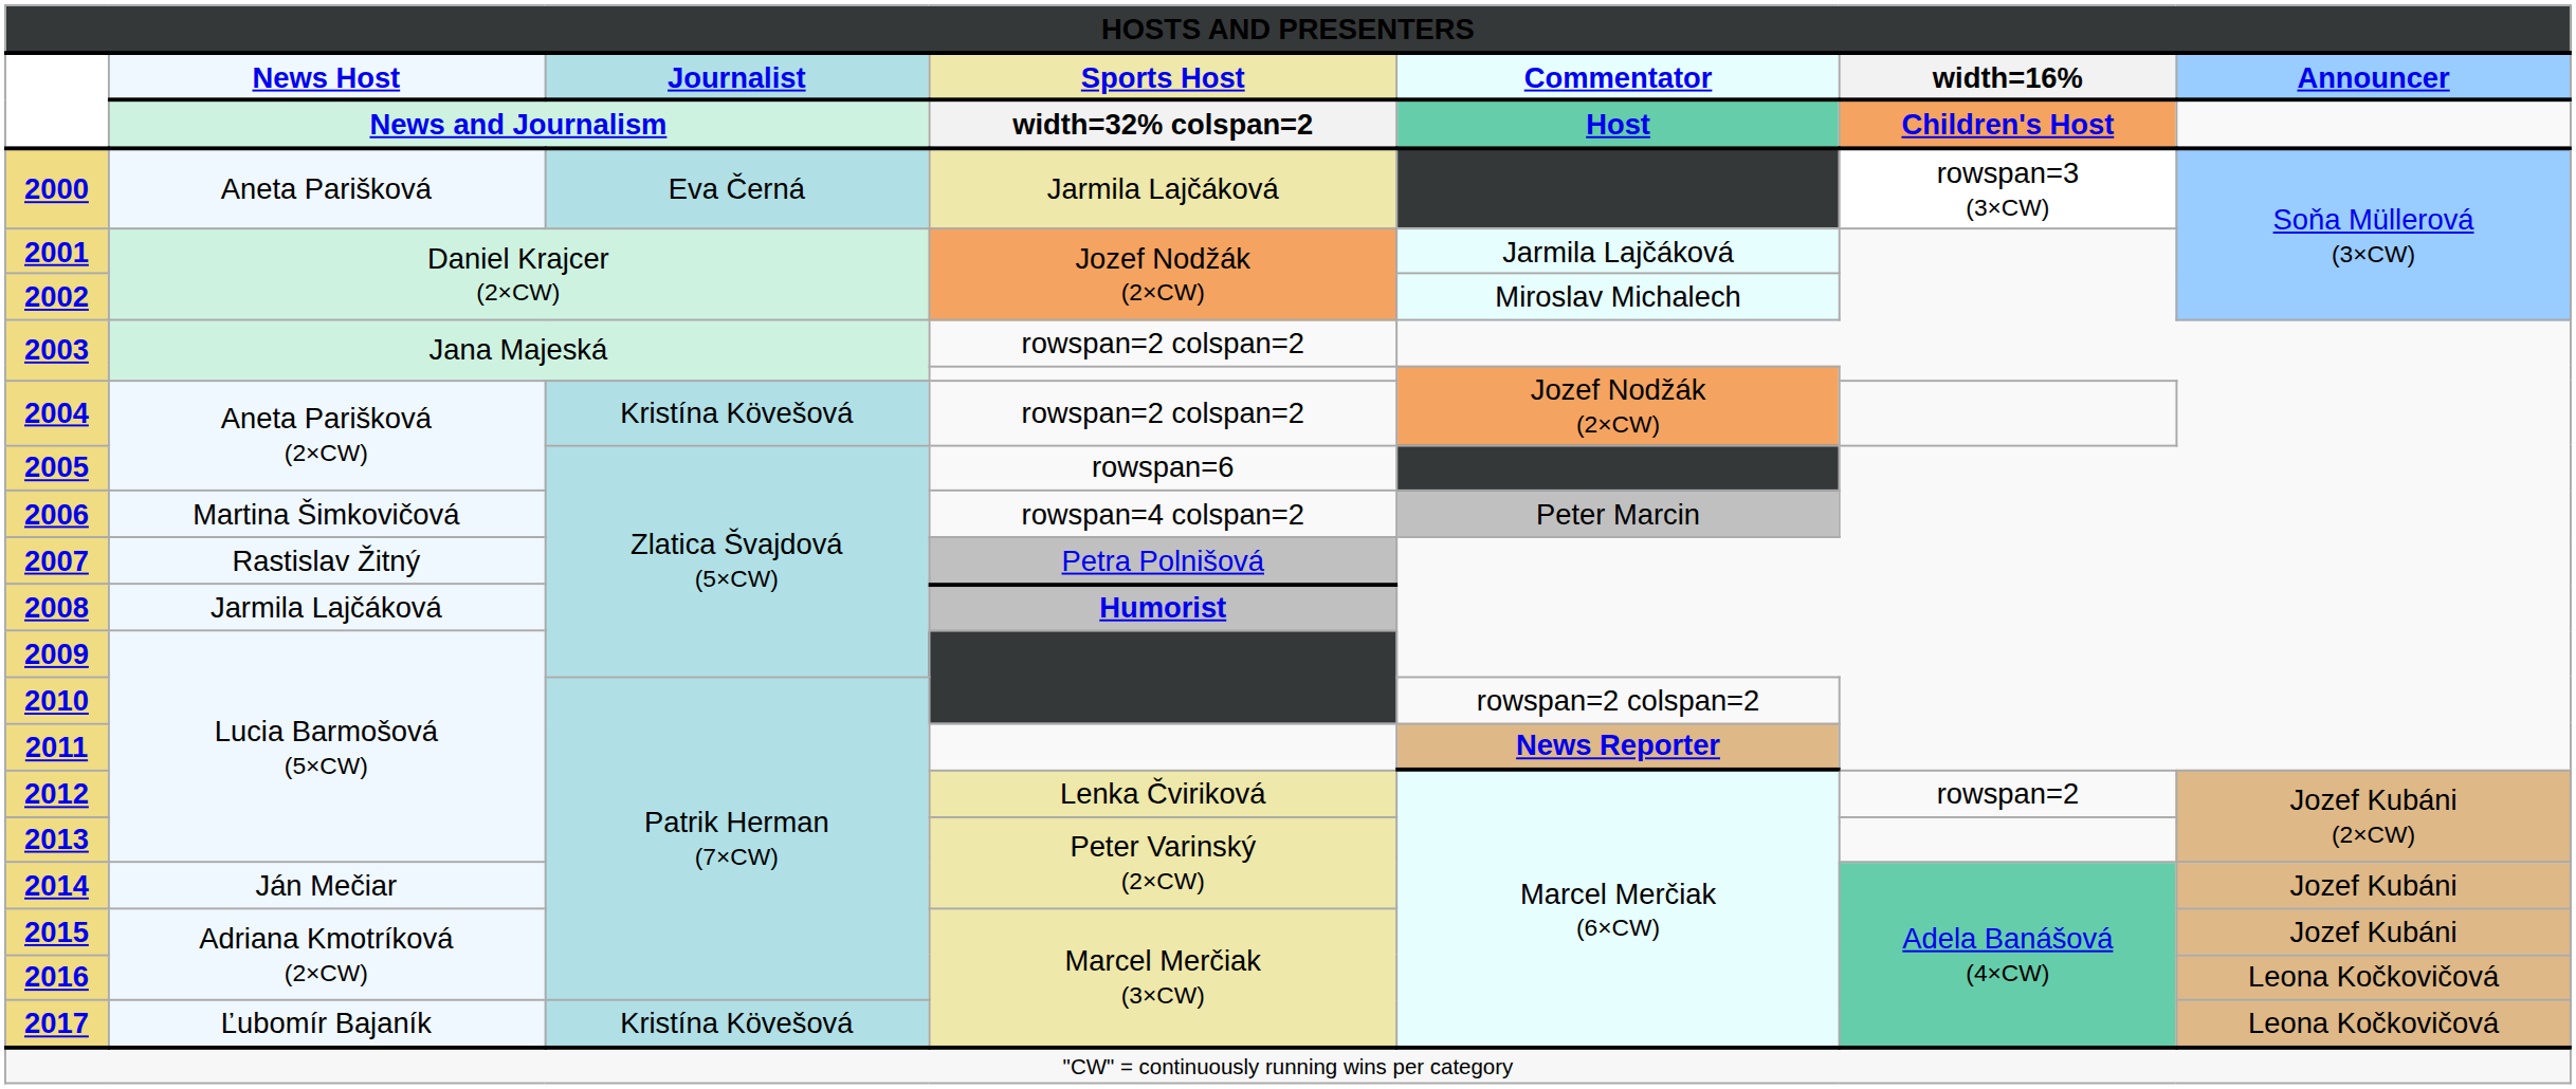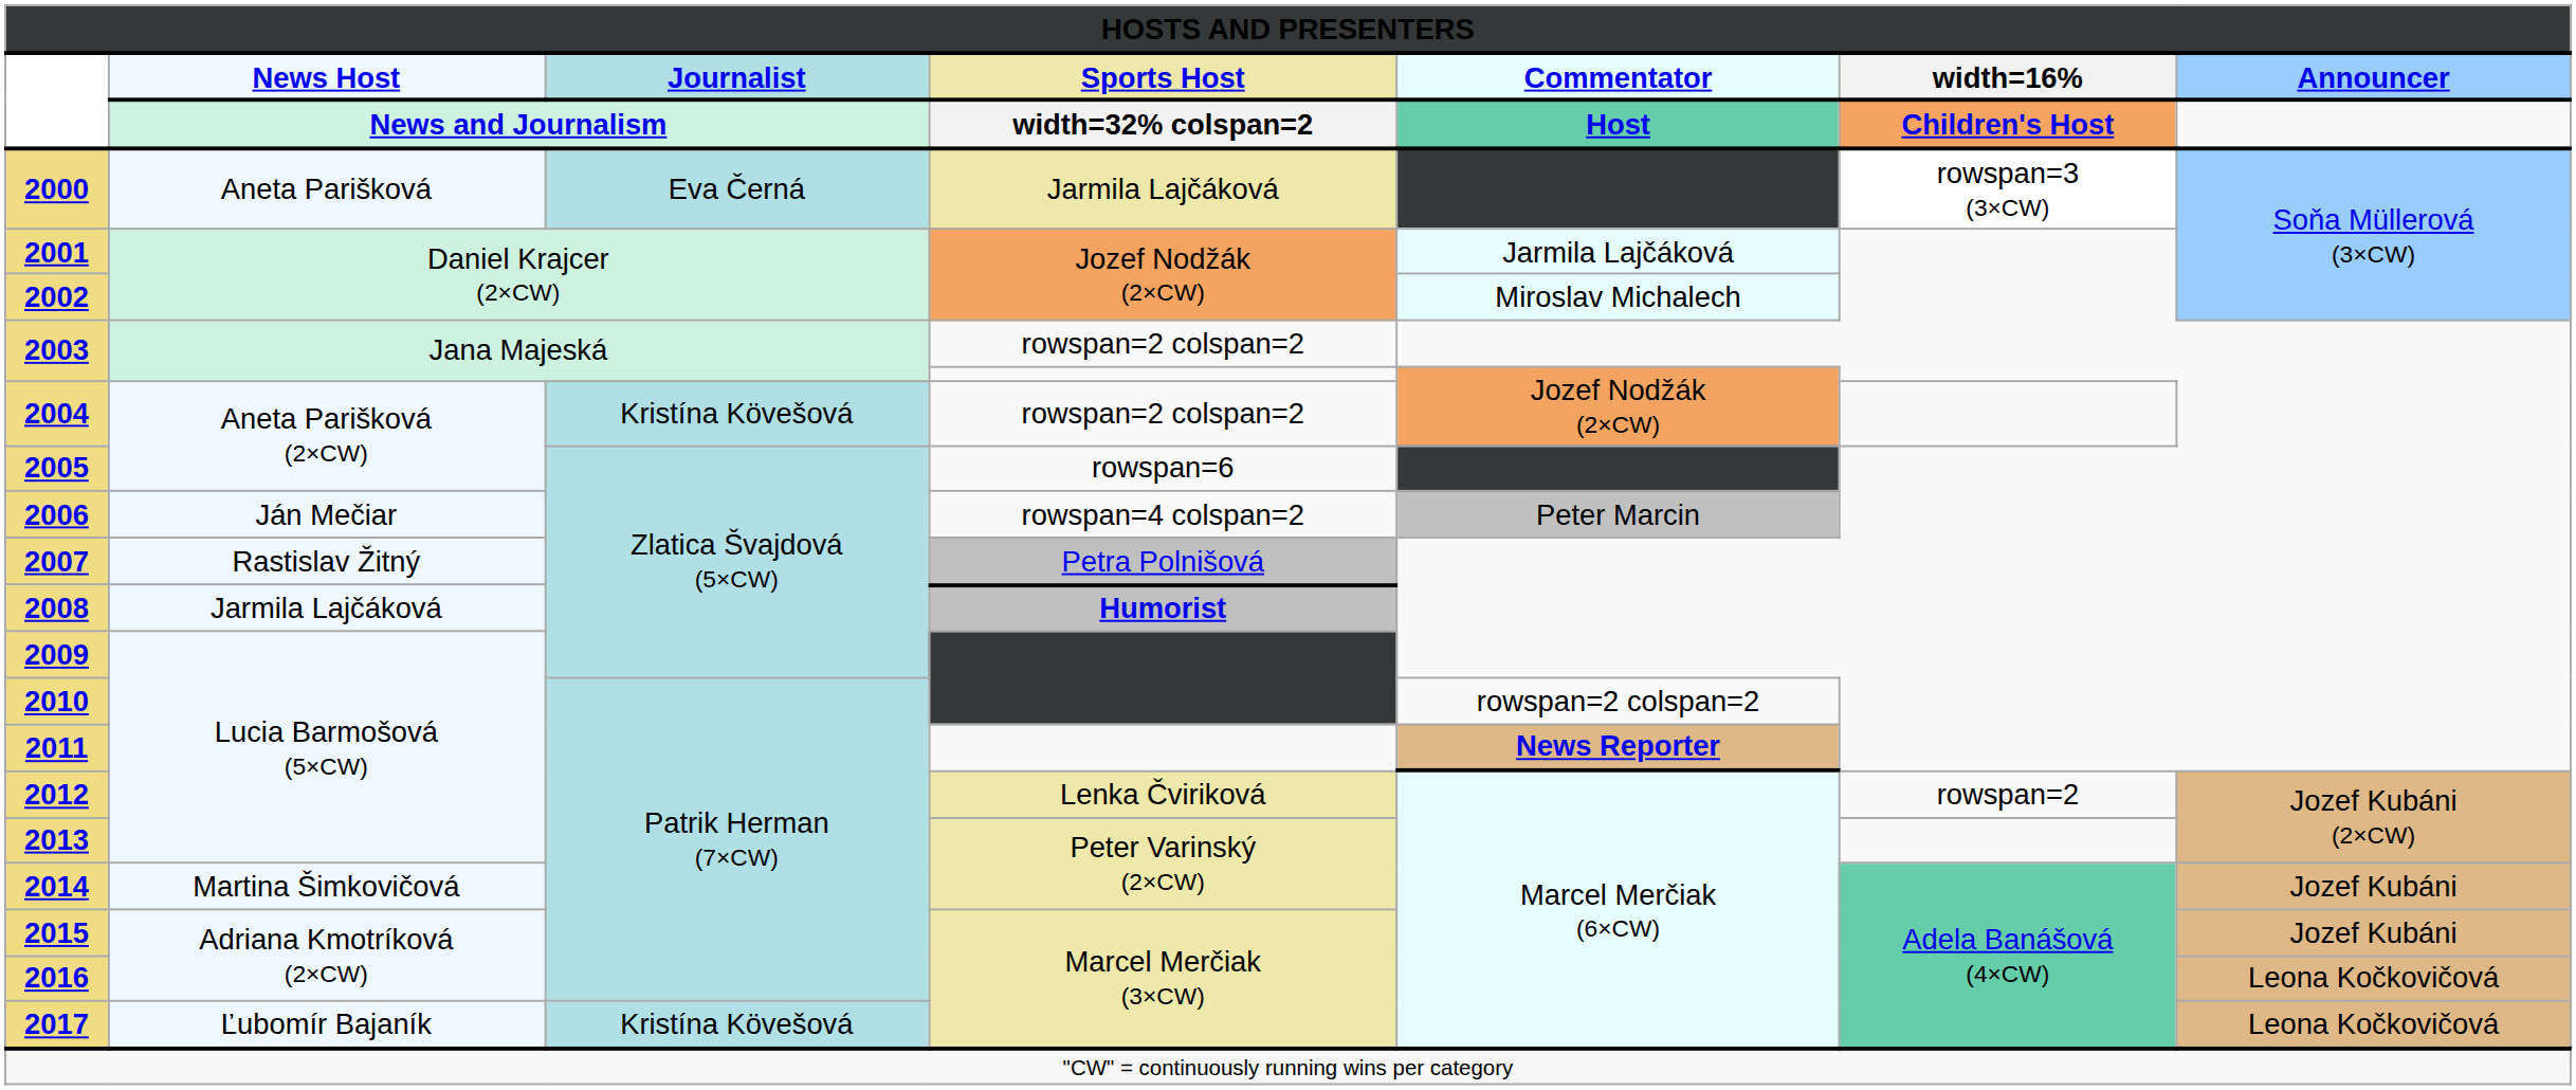 <table class="wikitable" style="text-align:center;font-size:89%;width:100%">
 <tr>
 <th colspan=7 width=100% style=background:#353839><span>HOSTS AND PRESENTERS</span></th>
 </tr>
 <tr style="border-top:solid 2px; background:#FFF">
 <th rowspan=2 width=4% style=background:#FFFFFF></th>
 <th width:16 style=background:#F0F8FF><a href='#'>News Host</a></th>
 <th width:16 style=background:#B0E0E6><a href='#'>Journalist</a></th>
 <th width:16 style=background:#EEE8AA><a href='#'>Sports Host</a></th>
 <th width:16 style=background:#E7FEFF><a href='#'>Commentator</a></th>
 <th>width=16% </th>
 <th width:16% style=background:#9CF><a href='#'>Announcer</a></th>
 </tr>
 <tr style="border-top:solid 2px; background:#FFF">
 <th width=32% colspan=2 style=background:#CEF2E0><a href='#'>News and Journalism</a></th>
 <th>width=32% colspan=2 </th>
 <th width:16 style=background:#66CDAA><a href='#'>Host</a></th>
 <th width:16 style=background:#F4A460><a href='#'>Children's Host</a></th>
 </tr>
 <tr style="border-top:solid 2px; background:#FFF">
 <th style=background:#F0DC82><a href='#'>2000</a></th>
 <td bgcolor=F0F8FF>Aneta Parišková</td>
 <td bgcolor=B0E0E6>Eva Černá</td>
 <td bgcolor=EEE8AA>Jarmila Lajčáková</td>
 <td bgcolor=353839></td>
 <td>rowspan=3  <br><small>(3×CW)</small></td>
 <td rowspan=3 bgcolor=#9CF><a href='#'>Soňa Müllerová</a> <br><small>(3×CW)</small></td>
 </tr>
 <tr>
 <th style=background:#F0DC82><a href='#'>2001</a></th>
 <td colspan=2 rowspan=2 bgcolor=CEF2E0>Daniel Krajcer <br><small>(2×CW)</small></td>
 <td rowspan=2 bgcolor=F4A460>Jozef Nodžák <br><small>(2×CW)</small></td>
 <td bgcolor=E7FEFF>Jarmila Lajčáková</td>
 </tr>
 <tr>
 <th style=background:#F0DC82><a href='#'>2002</a></th>
 <td bgcolor=E7FEFF>Miroslav Michalech</td>
 </tr>
 <tr>
 <th rowspan=2 style=background:#F0DC82><a href='#'>2003</a></th>
 <td rowspan=2 colspan=2 bgcolor=CEF2E0>Jana Majeská</td>
 <td>rowspan=2 colspan=2 </td>
 </tr>
 <tr>
 <td></td>
 <td rowspan=2 bgcolor=F4A460>Jozef Nodžák <br><small>(2×CW)</small></td>
 </tr>
 <tr>
 <th style=background:#F0DC82><a href='#'>2004</a></th>
 <td rowspan=2 bgcolor=F0F8FF>Aneta Parišková <br><small>(2×CW)</small></td>
 <td bgcolor=B0E0E6>Kristína Kövešová</td>
 <td>rowspan=2 colspan=2 </td>
 <td></td>
 </tr>
 <tr>
 <th style=background:#F0DC82><a href='#'>2005</a></th>
 <td rowspan=5 bgcolor=B0E0E6>Zlatica Švajdová <br><small>(5×CW)</small></td>
 <td>rowspan=6 </td>
 <td bgcolor=353839></td>
 </tr>
 <tr>
 <th style=background:#F0DC82><a href='#'>2006</a></th>
-<td bgcolor=F0F8FF>Martina Šimkovičová</td>
+<td bgcolor=F0F8FF>Ján Mečiar</td>
 <td>rowspan=4 colspan=2 </td>
 <td bgcolor=SILVER>Peter Marcin</td>
 </tr>
 <tr>
 <th style=background:#F0DC82><a href='#'>2007</a></th>
 <td bgcolor=F0F8FF>Rastislav Žitný</td>
 <td bgcolor=SILVER><a href='#'>Petra Polnišová</a></td>
 </tr>
 <tr>
 <th style=background:#F0DC82><a href='#'>2008</a></th>
 <td bgcolor=F0F8FF>Jarmila Lajčáková</td>
 <th style="background:SILVER; border-top:solid 2px"><a href='#'>Humorist</a></th>
 </tr>
 <tr>
 <th style=background:#F0DC82><a href='#'>2009</a></th>
 <td rowspan=5 bgcolor=F0F8FF>Lucia Barmošová <br><small>(5×CW)</small></td>
 <td rowspan=2 bgcolor=353839></td>
 </tr>
 <tr>
 <th style=background:#F0DC82><a href='#'>2010</a></th>
 <td rowspan=7 bgcolor=B0E0E6>Patrik Herman <br><small>(7×CW)</small></td>
 <td>rowspan=2 colspan=2 </td>
 </tr>
 <tr>
 <th style=background:#F0DC82><a href='#'>2011</a></th>
 <td></td>
 <th style="background:#DEB887; border-bottom:solid 2px"><a href='#'>News Reporter</a></th>
 </tr>
 <tr>
 <th style=background:#F0DC82><a href='#'>2012</a></th>
 <td bgcolor=EEE8AA>Lenka Čviriková</td>
 <td rowspan=6 bgcolor=E7FEFF>Marcel Merčiak <br><small>(6×CW)</small></td>
 <td>rowspan=2 </td>
 <td rowspan=2 bgcolor=DEB887>Jozef Kubáni <br><small>(2×CW)</small></td>
 </tr>
 <tr>
 <th style=background:#F0DC82><a href='#'>2013</a></th>
 <td rowspan=2 bgcolor=EEE8AA>Peter Varinský <br><small>(2×CW)</small></td>
 </tr>
 <tr>
 <th style=background:#F0DC82><a href='#'>2014</a></th>
-<td bgcolor=F0F8FF>Ján Mečiar</td>
+<td bgcolor=F0F8FF>Martina Šimkovičová</td>
 <td rowspan=4 bgcolor=66CDAA><a href='#'>Adela Banášová</a> <br><small>(4×CW)</small></td>
 <td bgcolor=DEB887>Jozef Kubáni</td>
 </tr>
 <tr>
 <th style=background:#F0DC82><a href='#'>2015</a></th>
 <td rowspan=2 bgcolor=F0F8FF>Adriana Kmotríková <br><small>(2×CW)</small></td>
 <td rowspan=3 bgcolor=EEE8AA>Marcel Merčiak  <br><small>(3×CW)</small></td>
 <td bgcolor=DEB887>Jozef Kubáni</td>
 </tr>
 <tr>
 <th style=background:#F0DC82><a href='#'>2016</a></th>
 <td bgcolor=DEB887>Leona Kočkovičová</td>
 </tr>
 <tr>
 <th style=background:#F0DC82><a href='#'>2017</a></th>
 <td bgcolor=F0F8FF>Ľubomír Bajaník</td>
 <td bgcolor=B0E0E6>Kristína Kövešová</td>
 <td bgcolor=DEB887>Leona Kočkovičová</td>
 </tr>
 <tr style="border-top:solid 2px; background:#FFF">
 <td colspan=7 width=100% style="font-size:8pt; background:#F7F7F7">"CW" = continuously running wins per category</td>
 </tr>
 </table>
